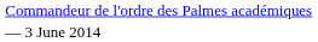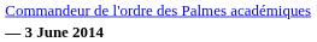 <table>
 <tr>
 <td rowspan="2" style="width:60px; vertical-align:top;"></td>
 <td><a href='#'>Commandeur de l'ordre des Palmes académiques</a></td>
 </tr>
 <tr>
-<td>— 3 June 2014</td>
+<td><strong>— 3 June 2014</strong></td>
 </tr>
 </table>
